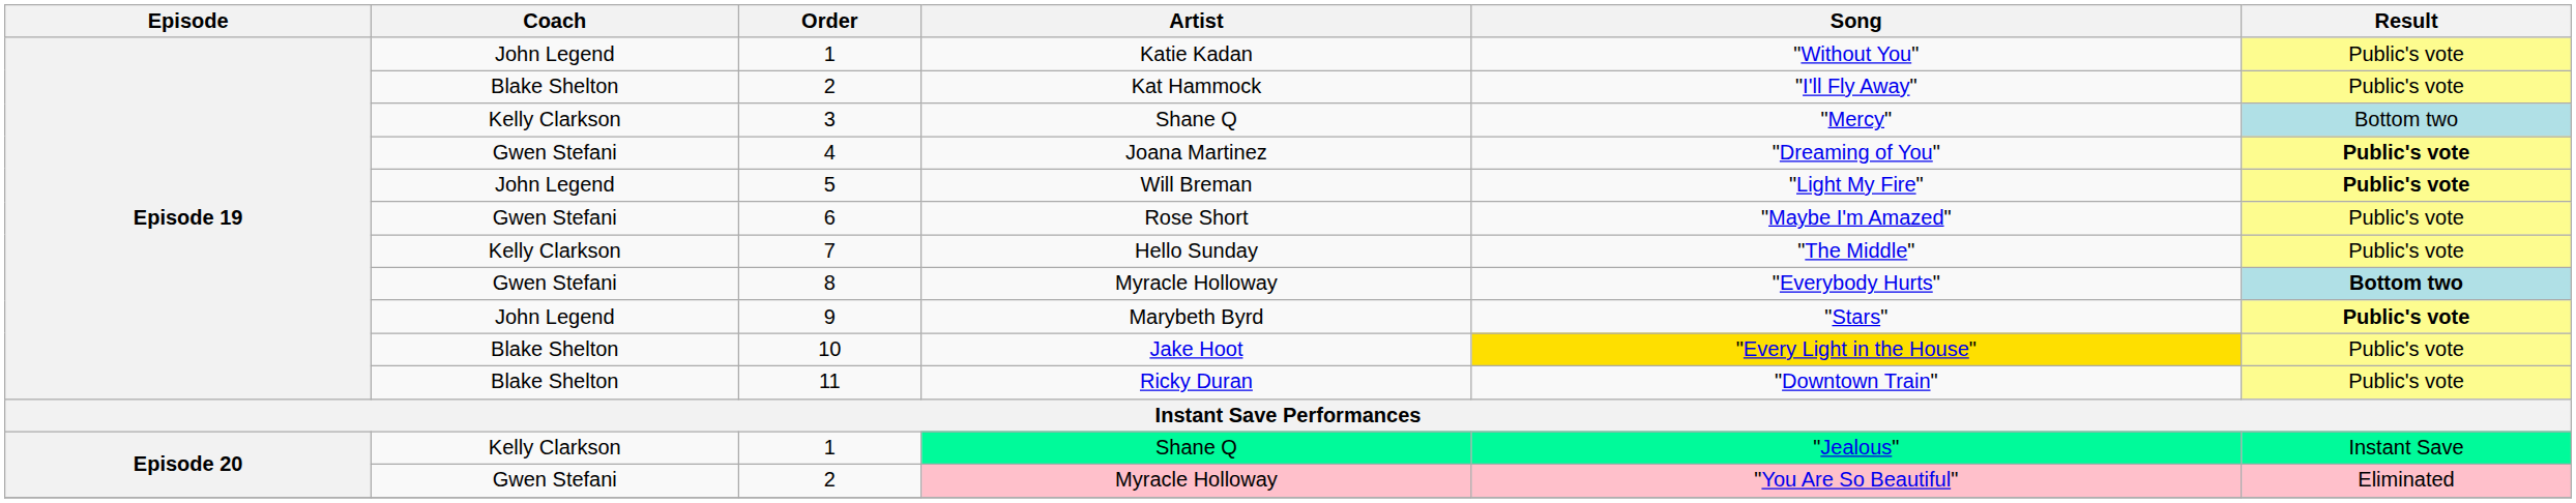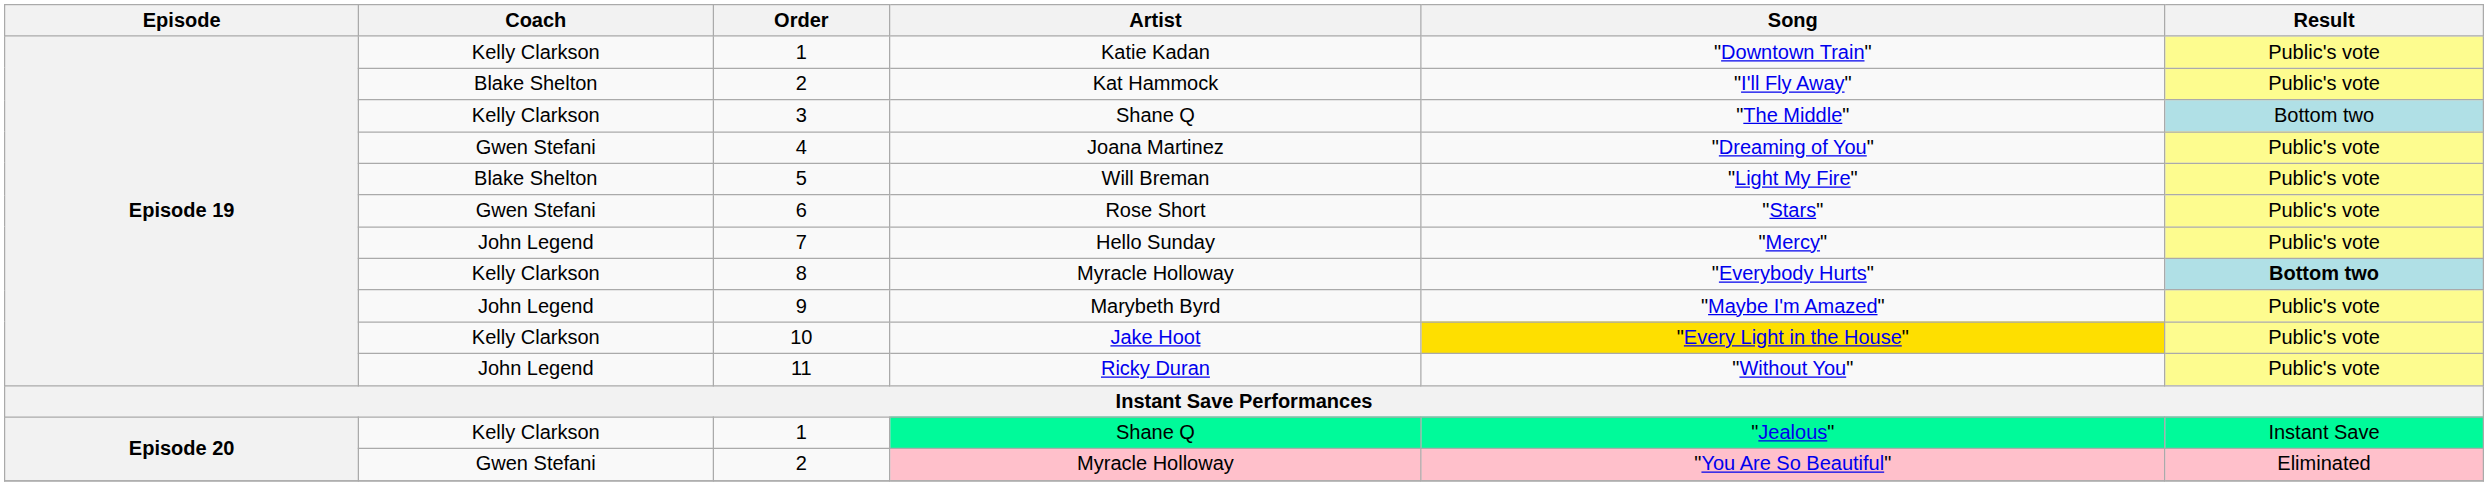 <table class="wikitable" style="text-align:center; width:100%;">
 <tr>
 <th style="width:10%;">Episode</th>
 <th style="width:10%;">Coach</th>
 <th style="width:05%;">Order</th>
 <th style="width:15%;">Artist</th>
 <th style="width:21%;">Song</th>
 <th style="width:9%;">Result</th>
 </tr>
 <tr>
 <th rowspan="11" scope="row">Episode 19 <br><small></small></th>
-<td>John Legend</td>
+<td>Kelly Clarkson</td>
 <td>1</td>
 <td>Katie Kadan</td>
-<td>"<a href='#'>Without You</a>"</td>
+<td>"<a href='#'>Downtown Train</a>"</td>
 <td style="background:#fdfc8f;">Public's vote</td>
 </tr>
 <tr>
 <td>Blake Shelton</td>
 <td>2</td>
 <td>Kat Hammock</td>
 <td>"<a href='#'>I'll Fly Away</a>"</td>
 <td style="background:#fdfc8f;">Public's vote</td>
 </tr>
 <tr>
 <td>Kelly Clarkson</td>
 <td>3</td>
 <td>Shane Q</td>
-<td>"<a href='#'>Mercy</a>"</td>
+<td>"<a href='#'>The Middle</a>"</td>
 <td style="background:#b0e0e6;">Bottom two</td>
 </tr>
 <tr>
 <td>Gwen Stefani</td>
 <td>4</td>
 <td>Joana Martinez</td>
 <td>"<a href='#'>Dreaming of You</a>"</td>
-<td style="background:#fdfc8f;"><strong>Public's vote</strong></td>
+<td style="background:#fdfc8f;">Public's vote</td>
 </tr>
 <tr>
-<td>John Legend</td>
+<td>Blake Shelton</td>
 <td>5</td>
 <td>Will Breman</td>
 <td>"<a href='#'>Light My Fire</a>"</td>
-<td style="background:#fdfc8f;"><strong>Public's vote</strong></td>
+<td style="background:#fdfc8f;">Public's vote</td>
 </tr>
 <tr>
 <td>Gwen Stefani</td>
 <td>6</td>
 <td>Rose Short</td>
-<td>"<a href='#'>Maybe I'm Amazed</a>"</td>
+<td>"<a href='#'>Stars</a>"</td>
+<td style="background:#fdfc8f;">Public's vote</td>
+</tr>
+<tr>
+<td>John Legend</td>
+<td>7</td>
+<td>Hello Sunday</td>
+<td>"<a href='#'>Mercy</a>"</td>
 <td style="background:#fdfc8f;">Public's vote</td>
 </tr>
 <tr>
 <td>Kelly Clarkson</td>
-<td>7</td>
-<td>Hello Sunday</td>
-<td>"<a href='#'>The Middle</a>"</td>
-<td style="background:#fdfc8f;">Public's vote</td>
-</tr>
-<tr>
-<td>Gwen Stefani</td>
 <td>8</td>
 <td>Myracle Holloway</td>
 <td>"<a href='#'>Everybody Hurts</a>"</td>
 <td style="background:#b0e0e6;"><strong>Bottom two</strong></td>
 </tr>
 <tr>
 <td>John Legend</td>
 <td>9</td>
 <td>Marybeth Byrd</td>
-<td>"<a href='#'>Stars</a>"</td>
-<td style="background:#fdfc8f;"><strong>Public's vote</strong></td>
+<td>"<a href='#'>Maybe I'm Amazed</a>"</td>
+<td style="background:#fdfc8f;">Public's vote</td>
 </tr>
 <tr>
-<td>Blake Shelton</td>
+<td>Kelly Clarkson</td>
 <td>10</td>
 <td><a href='#'>Jake Hoot</a></td>
 <td style="background:#fedf00;">"<a href='#'>Every Light in the House</a>"</td>
 <td style="background:#fdfc8f;">Public's vote</td>
 </tr>
 <tr>
-<td>Blake Shelton</td>
+<td>John Legend</td>
 <td>11</td>
 <td><a href='#'>Ricky Duran</a></td>
-<td>"<a href='#'>Downtown Train</a>"</td>
+<td>"<a href='#'>Without You</a>"</td>
 <td style="background:#fdfc8f;">Public's vote</td>
 </tr>
 <tr>
 <th colspan="6">Instant Save Performances</th>
 </tr>
 <tr>
 <th rowspan=2>Episode 20<br><small></small></th>
 <td>Kelly Clarkson</td>
 <td>1</td>
 <td style="background:#00fa9a;">Shane Q</td>
 <td style="background:#00fa9a;">"<a href='#'>Jealous</a>"</td>
 <td style="background:#00fa9a;">Instant Save</td>
 </tr>
 <tr>
 <td>Gwen Stefani</td>
 <td>2</td>
 <td style="background:pink">Myracle Holloway</td>
 <td style="background:pink">"<a href='#'>You Are So Beautiful</a>"</td>
 <td style="background:pink">Eliminated</td>
 </tr>
 <tr>
 </tr>
 </table>
